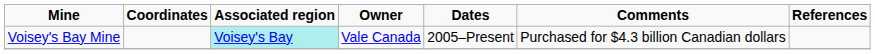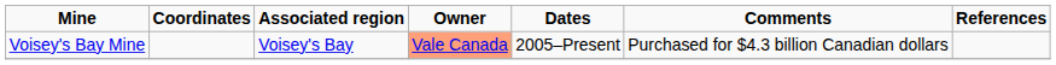 <table class="sortable wikitable">
 <tr align="center">
 <td><strong>Mine</strong></td>
 <td><strong>Coordinates</strong></td>
 <td><strong>Associated region</strong></td>
 <td><strong>Owner</strong></td>
 <td><strong>Dates</strong></td>
 <td><strong>Comments</strong></td>
 <td><strong>References</strong></td>
 </tr>
 <tr>
 <td><a href='#'>Voisey's Bay Mine</a></td>
 <td></td>
-<td style="background: paleturquoise;"><a href='#'>Voisey's Bay</a></td>
-<td><a href='#'>Vale Canada</a></td>
+<td><a href='#'>Voisey's Bay</a></td>
+<td style="background: lightsalmon;"><a href='#'>Vale Canada</a></td>
 <td>2005–Present</td>
 <td>Purchased for $4.3 billion Canadian dollars</td>
 <td></td>
 </tr>
 <tr>
 </tr>
 </table>
